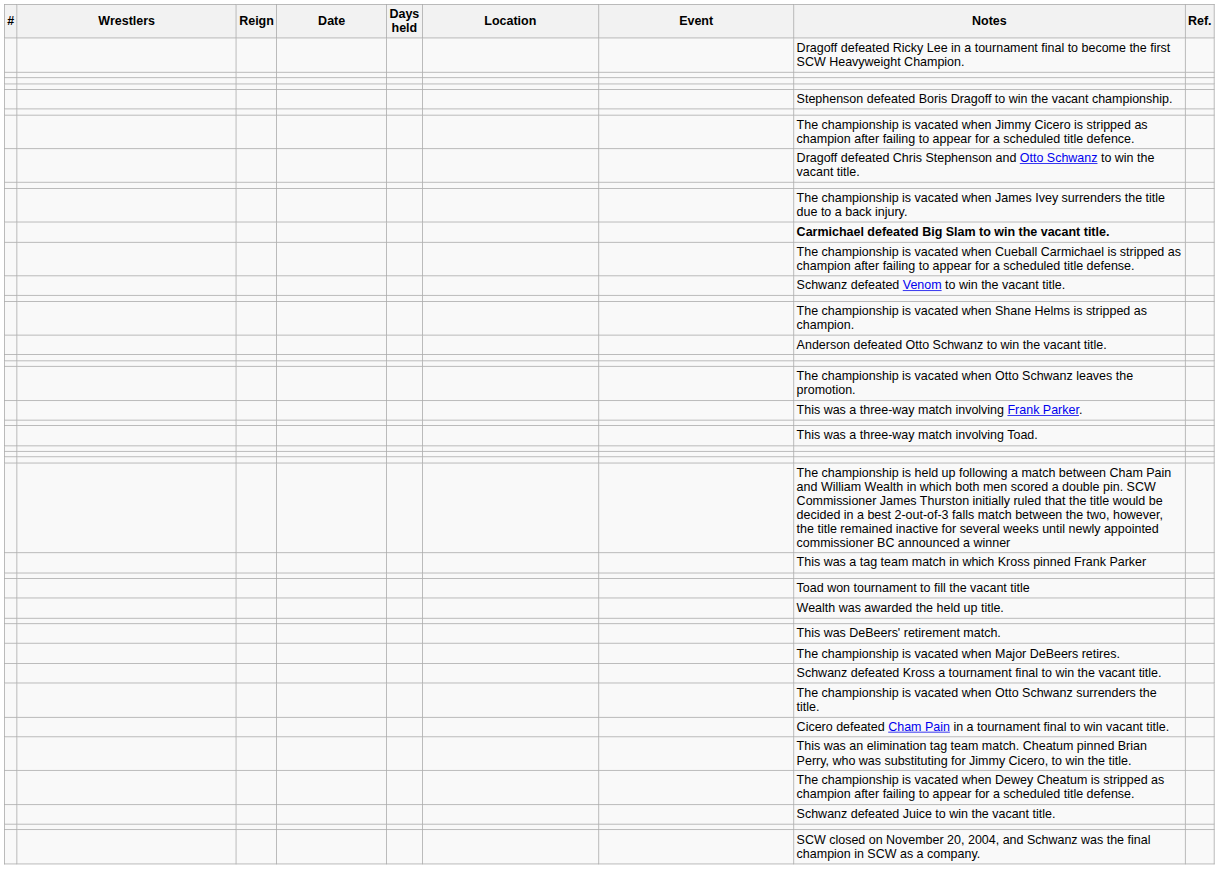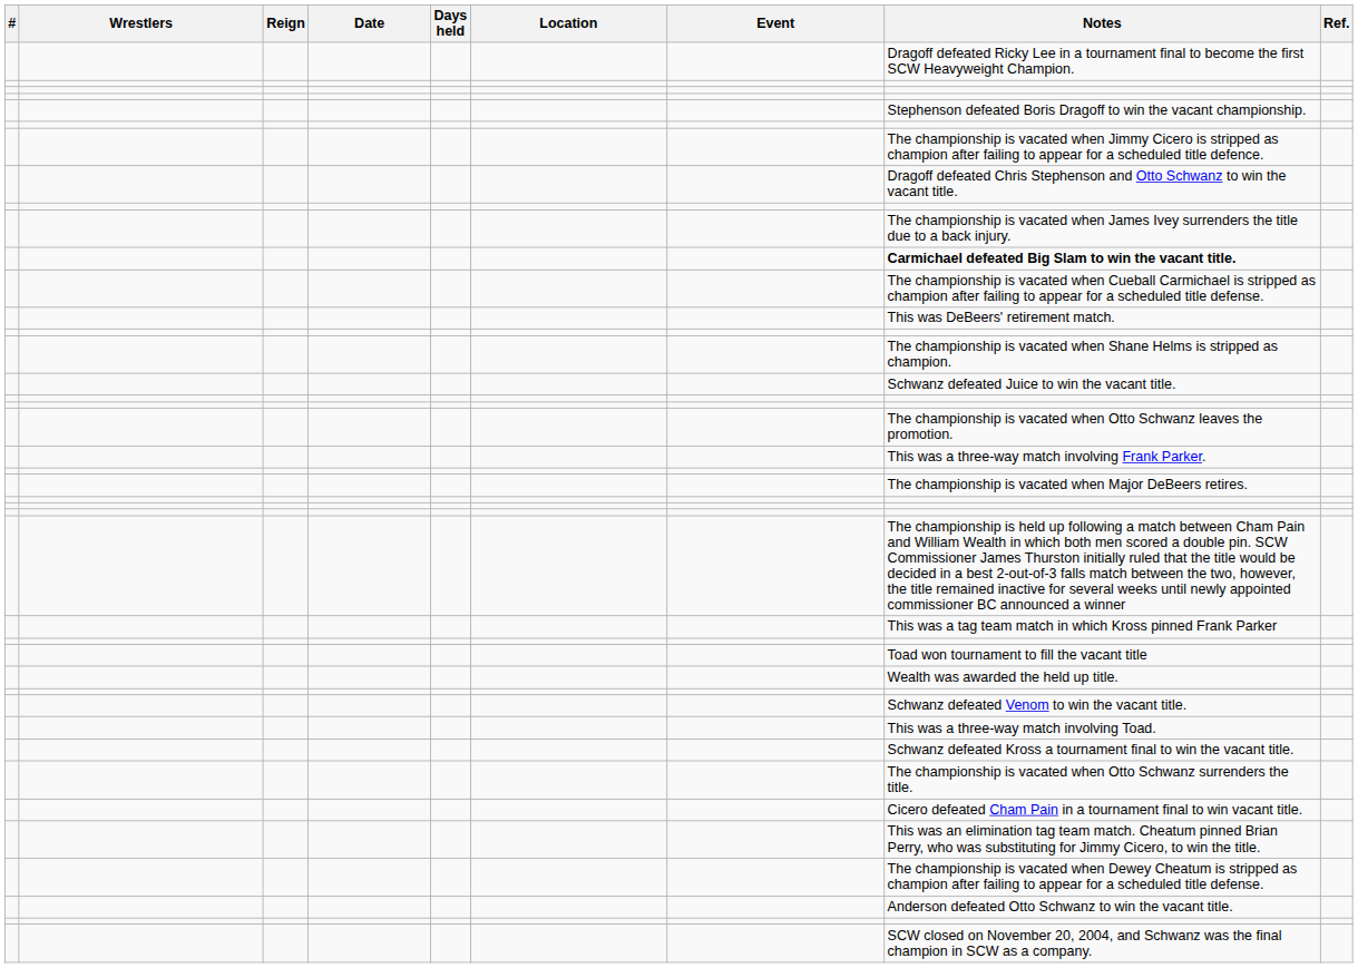 <table class="wikitable sortable" width=98% style="text-align:center;">
 <tr>
 <th width=0%>#</th>
 <th width=20%>Wrestlers</th>
 <th width=0%>Reign</th>
 <th width=10%>Date</th>
 <th width=0%>Days<br>held</th>
 <th width=16%>Location</th>
 <th width=18%>Event</th>
 <th width=60% class="unsortable">Notes</th>
 <th width=0% class="unsortable">Ref.</th>
 </tr>
 <tr>
 <td></td>
 <td></td>
 <td></td>
 <td></td>
 <td></td>
 <td></td>
 <td></td>
 <td align="left">Dragoff defeated Ricky Lee in a tournament final to become the first SCW Heavyweight Champion.</td>
 <td align="left"></td>
 </tr>
 <tr>
 <td></td>
 <td></td>
 <td></td>
 <td></td>
 <td></td>
 <td></td>
 <td></td>
 <td align="left"></td>
 <td align="left"></td>
 </tr>
 <tr>
 <td></td>
 <td></td>
 <td></td>
 <td></td>
 <td></td>
 <td></td>
 <td></td>
 <td align="left"></td>
 <td align="left"></td>
 </tr>
 <tr>
 <td></td>
 <td></td>
 <td></td>
 <td></td>
 <td></td>
 <td></td>
 <td></td>
 <td align="left"></td>
 <td align="left"></td>
 </tr>
 <tr>
 <td></td>
 <td></td>
 <td></td>
 <td></td>
 <td></td>
 <td></td>
 <td></td>
 <td align="left">Stephenson defeated Boris Dragoff to win the vacant championship.</td>
 <td align="left"></td>
 </tr>
 <tr>
 <td></td>
 <td></td>
 <td></td>
 <td></td>
 <td></td>
 <td></td>
 <td></td>
 <td align="left"></td>
 <td align="left"></td>
 </tr>
 <tr>
 <td></td>
 <td></td>
 <td></td>
 <td></td>
 <td></td>
 <td></td>
 <td></td>
 <td align="left">The championship is vacated when Jimmy Cicero is stripped as champion after failing to appear for a scheduled title defence.</td>
 <td align="left"></td>
 </tr>
 <tr>
 <td></td>
 <td></td>
 <td></td>
 <td></td>
 <td></td>
 <td></td>
 <td></td>
 <td align="left">Dragoff defeated Chris Stephenson and <a href='#'>Otto Schwanz</a> to win the vacant title.</td>
 <td align="left"></td>
 </tr>
 <tr>
 <td></td>
 <td></td>
 <td></td>
 <td></td>
 <td></td>
 <td></td>
 <td></td>
 <td align="left"></td>
 <td align="left"></td>
 </tr>
 <tr>
 <td></td>
 <td></td>
 <td></td>
 <td></td>
 <td></td>
 <td></td>
 <td></td>
 <td align="left">The championship is vacated when James Ivey surrenders the title due to a back injury.</td>
 <td align="left"></td>
 </tr>
 <tr>
 <td></td>
 <td></td>
 <td></td>
 <td></td>
 <td></td>
 <td></td>
 <td></td>
 <td align="left"><strong>Carmichael defeated Big Slam to win the vacant title.</strong></td>
 <td align="left"></td>
 </tr>
 <tr>
 <td></td>
 <td></td>
 <td></td>
 <td></td>
 <td></td>
 <td></td>
 <td></td>
 <td align="left">The championship is vacated when Cueball Carmichael is stripped as champion after failing to appear for a scheduled title defense.</td>
 <td align="left"></td>
 </tr>
 <tr>
 <td></td>
 <td></td>
 <td></td>
 <td></td>
 <td></td>
 <td></td>
 <td></td>
-<td align="left">Schwanz defeated <a href='#'>Venom</a> to win the vacant title.</td>
+<td align="left">This was DeBeers' retirement match.</td>
 <td align="left"></td>
 </tr>
 <tr>
 <td></td>
 <td></td>
 <td></td>
 <td></td>
 <td></td>
 <td></td>
 <td></td>
 <td align="left"></td>
 <td align="left"></td>
 </tr>
 <tr>
 <td></td>
 <td></td>
 <td></td>
 <td></td>
 <td></td>
 <td></td>
 <td></td>
 <td align="left">The championship is vacated when Shane Helms is stripped as champion.</td>
 <td align="left"></td>
 </tr>
 <tr>
 <td></td>
 <td></td>
 <td></td>
 <td></td>
 <td></td>
 <td></td>
 <td></td>
-<td align="left">Anderson defeated Otto Schwanz to win the vacant title.</td>
+<td align="left">Schwanz defeated Juice to win the vacant title.</td>
 <td align="left"></td>
 </tr>
 <tr>
 <td></td>
 <td></td>
 <td></td>
 <td></td>
 <td></td>
 <td></td>
 <td></td>
 <td align="left"></td>
 <td align="left"></td>
 </tr>
 <tr>
 <td></td>
 <td></td>
 <td></td>
 <td></td>
 <td></td>
 <td></td>
 <td></td>
 <td align="left"></td>
 <td align="left"></td>
 </tr>
 <tr>
 <td></td>
 <td></td>
 <td></td>
 <td></td>
 <td></td>
 <td></td>
 <td></td>
 <td align="left">The championship is vacated when Otto Schwanz leaves the promotion.</td>
 <td align="left"></td>
 </tr>
 <tr>
 <td></td>
 <td></td>
 <td></td>
 <td></td>
 <td></td>
 <td></td>
 <td></td>
 <td align="left">This was a three-way match involving <a href='#'>Frank Parker</a>.</td>
 <td align="left"></td>
 </tr>
 <tr>
 <td></td>
 <td></td>
 <td></td>
 <td></td>
 <td></td>
 <td></td>
 <td></td>
 <td align="left"></td>
 <td align="left"></td>
 </tr>
 <tr>
 <td></td>
 <td></td>
 <td></td>
 <td></td>
 <td></td>
 <td></td>
 <td></td>
-<td align="left">This was a three-way match involving Toad.</td>
+<td align="left">The championship is vacated when Major DeBeers retires.</td>
 <td align="left"></td>
 </tr>
 <tr>
 <td></td>
 <td></td>
 <td></td>
 <td></td>
 <td></td>
 <td></td>
 <td></td>
 <td align="left"></td>
 <td align="left"></td>
 </tr>
 <tr>
 <td></td>
 <td></td>
 <td></td>
 <td></td>
 <td></td>
 <td></td>
 <td></td>
 <td align="left"></td>
 <td align="left"></td>
 </tr>
 <tr>
 <td></td>
 <td></td>
 <td></td>
 <td></td>
 <td></td>
 <td></td>
 <td></td>
 <td align="left"></td>
 <td align="left"></td>
 </tr>
 <tr>
 <td></td>
 <td></td>
 <td></td>
 <td></td>
 <td></td>
 <td></td>
 <td></td>
 <td align="left">The championship is held up following a match between Cham Pain and William Wealth in which both men scored a double pin. SCW Commissioner James Thurston initially ruled that the title would be decided in a best 2-out-of-3 falls match between the two, however, the title remained inactive for several weeks until newly appointed commissioner BC announced a winner</td>
 <td align="left"></td>
 </tr>
 <tr>
 <td></td>
 <td></td>
 <td></td>
 <td></td>
 <td></td>
 <td></td>
 <td></td>
 <td align="left">This was a tag team match in which Kross pinned Frank Parker</td>
 <td align="left"></td>
 </tr>
 <tr>
 <td></td>
 <td></td>
 <td></td>
 <td></td>
 <td></td>
 <td></td>
 <td></td>
 <td align="left"></td>
 <td align="left"></td>
 </tr>
 <tr>
 <td></td>
 <td></td>
 <td></td>
 <td></td>
 <td></td>
 <td></td>
 <td></td>
 <td align="left">Toad won tournament to fill the vacant title</td>
 <td align="left"></td>
 </tr>
 <tr>
 <td></td>
 <td></td>
 <td></td>
 <td></td>
 <td></td>
 <td></td>
 <td></td>
 <td align="left">Wealth was awarded the held up title.</td>
 <td align="left"></td>
 </tr>
 <tr>
 <td></td>
 <td></td>
 <td></td>
 <td></td>
 <td></td>
 <td></td>
 <td></td>
 <td align="left"></td>
 <td align="left"></td>
 </tr>
 <tr>
 <td></td>
 <td></td>
 <td></td>
 <td></td>
 <td></td>
 <td></td>
 <td></td>
-<td align="left">This was DeBeers' retirement match.</td>
+<td align="left">Schwanz defeated <a href='#'>Venom</a> to win the vacant title.</td>
 <td align="left"></td>
 </tr>
 <tr>
 <td></td>
 <td></td>
 <td></td>
 <td></td>
 <td></td>
 <td></td>
 <td></td>
-<td align="left">The championship is vacated when Major DeBeers retires.</td>
+<td align="left">This was a three-way match involving Toad.</td>
 <td align="left"></td>
 </tr>
 <tr>
 <td></td>
 <td></td>
 <td></td>
 <td></td>
 <td></td>
 <td></td>
 <td></td>
 <td align="left">Schwanz defeated Kross a tournament final to win the vacant title.</td>
 <td align="left"></td>
 </tr>
 <tr>
 <td></td>
 <td></td>
 <td></td>
 <td></td>
 <td></td>
 <td></td>
 <td></td>
 <td align="left">The championship is vacated when Otto Schwanz surrenders the title.</td>
 <td align="left"></td>
 </tr>
 <tr>
 <td></td>
 <td></td>
 <td></td>
 <td></td>
 <td></td>
 <td></td>
 <td></td>
 <td align="left">Cicero defeated <a href='#'>Cham Pain</a> in a tournament final to win vacant title.</td>
 <td align="left"></td>
 </tr>
 <tr>
 <td></td>
 <td></td>
 <td></td>
 <td></td>
 <td></td>
 <td></td>
 <td></td>
 <td align="left">This was an elimination tag team match. Cheatum pinned Brian Perry, who was substituting for Jimmy Cicero, to win the title.</td>
 <td align="left"></td>
 </tr>
 <tr>
 <td></td>
 <td></td>
 <td></td>
 <td></td>
 <td></td>
 <td></td>
 <td></td>
 <td align="left">The championship is vacated when Dewey Cheatum is stripped as champion after failing to appear for a scheduled title defense.</td>
 <td align="left"></td>
 </tr>
 <tr>
 <td></td>
 <td></td>
 <td></td>
 <td></td>
 <td></td>
 <td></td>
 <td></td>
-<td align="left">Schwanz defeated Juice to win the vacant title.</td>
+<td align="left">Anderson defeated Otto Schwanz to win the vacant title.</td>
 <td align="left"></td>
 </tr>
 <tr>
 <td></td>
 <td></td>
 <td></td>
 <td></td>
 <td></td>
 <td></td>
 <td></td>
 <td align="left"></td>
 <td align="left"></td>
 </tr>
 <tr>
 <td></td>
 <td></td>
 <td></td>
 <td></td>
 <td></td>
 <td></td>
 <td></td>
 <td align="left">SCW closed on November 20, 2004, and Schwanz was the final champion in SCW as a company.</td>
 <td align="left"></td>
 </tr>
 </table>
